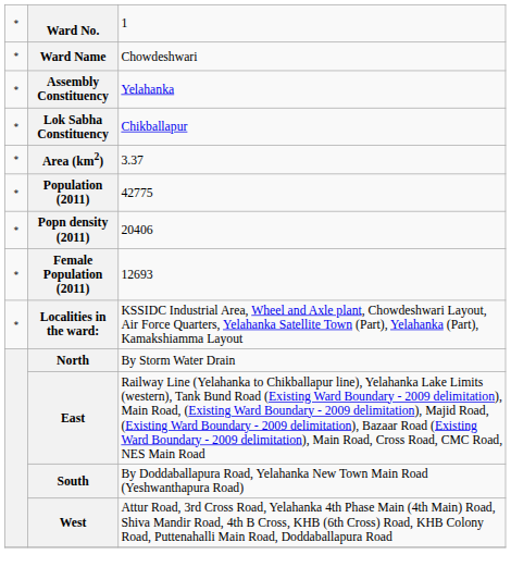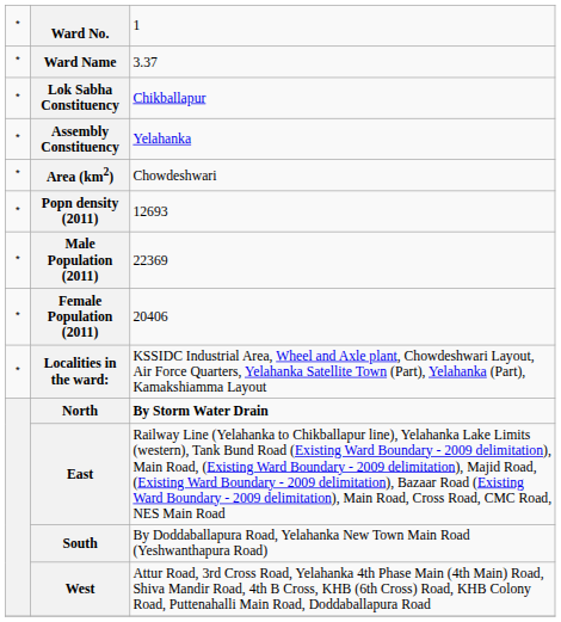 <table class="wikitable" style="width:50%">
 <tr>
 <td style="padding: 10px; font-family: monospace; font-size: 100%;">*</td>
 <th style="padding: 5px;"><br>Ward No.</th>
 <td>1</td>
 </tr>
 <tr>
 <td style="padding: 10px; font-family: monospace; font-size: 100%;">*</td>
 <th style="padding: 5px;">Ward Name</th>
-<td>Chowdeshwari</td>
+<td>3.37</td>
+</tr>
+<tr>
+<td style="padding: 10px; font-family: monospace; font-size: 100%;">*</td>
+<th style="padding: 5px;">Lok Sabha Constituency</th>
+<td><a href='#'>Chikballapur</a></td>
 </tr>
 <tr>
 <td style="padding: 10px; font-family: monospace; font-size: 100%;">*</td>
 <th style="padding: 5px;">Assembly Constituency</th>
 <td><a href='#'>Yelahanka</a></td>
 </tr>
 <tr>
 <td style="padding: 10px; font-family: monospace; font-size: 100%;">*</td>
-<th style="padding: 5px;">Lok Sabha Constituency</th>
-<td><a href='#'>Chikballapur</a></td>
-</tr>
-<tr>
-<td style="padding: 10px; font-family: monospace; font-size: 100%;">*</td>
 <th style="padding: 5px;">Area (km<sup>2</sup>)</th>
-<td>3.37</td>
-</tr>
-<tr>
-<td style="padding: 10px; font-family: monospace; font-size: 100%;">*</td>
-<th style="padding: 5px;">Population (2011)</th>
-<td>42775</td>
+<td>Chowdeshwari</td>
 </tr>
 <tr>
 <td style="padding: 10px; font-family: monospace; font-size: 100%;">*</td>
 <th style="padding: 5px;">Popn density (2011)</th>
-<td>20406</td>
+<td>12693</td>
+</tr>
+<tr>
+<td style="padding: 10px; font-family: monospace; font-size: 100%;">*</td>
+<th style="padding: 5px;">Male Population (2011)</th>
+<td>22369</td>
 </tr>
 <tr>
 <td style="padding: 10px; font-family: monospace; font-size: 100%;">*</td>
 <th style="padding: 5px;">Female Population (2011)</th>
-<td>12693</td>
+<td>20406</td>
 </tr>
 <tr>
 <td style="padding: 10px; font-family: monospace; font-size: 100%;">*</td>
 <th style="padding: 5px;">Localities in the ward:</th>
 <td>KSSIDC Industrial Area, <a href='#'>Wheel and Axle plant</a>, Chowdeshwari Layout, Air Force Quarters, <a href='#'>Yelahanka Satellite Town</a> (Part), <a href='#'>Yelahanka</a> (Part), Kamakshiamma Layout</td>
 </tr>
 <tr>
 <th rowspan="4" style="padding: 2px; font-family: monospace; font-size: 120%;"></th>
 <th style="padding: 5px;">North</th>
-<td>By Storm Water Drain</td>
+<td><strong>By Storm Water Drain</strong></td>
 </tr>
 <tr>
 <th style="padding: 5px;">East</th>
 <td>Railway Line (Yelahanka to Chikballapur line), Yelahanka Lake Limits (western), Tank Bund Road (<a href='#'>Existing Ward Boundary - 2009 delimitation</a>), Main Road, (<a href='#'>Existing Ward Boundary - 2009 delimitation</a>), Majid Road, (<a href='#'>Existing Ward Boundary - 2009 delimitation</a>), Bazaar Road (<a href='#'>Existing Ward Boundary - 2009 delimitation</a>), Main Road, Cross Road, CMC Road, NES Main Road</td>
 </tr>
 <tr>
 <th style="padding: 5px;">South</th>
 <td>By Doddaballapura Road, Yelahanka New Town Main Road (Yeshwanthapura Road)</td>
 </tr>
 <tr>
 <th style="padding: 5px;">West</th>
 <td>Attur Road, 3rd Cross Road, Yelahanka 4th Phase Main (4th Main) Road, Shiva Mandir Road, 4th B Cross, KHB (6th Cross) Road, KHB Colony Road, Puttenahalli Main Road, Doddaballapura Road</td>
 </tr>
 <tr>
 </tr>
 </table>
